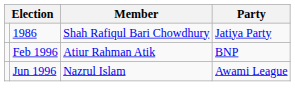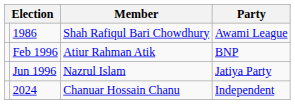 <table class="wikitable">
 <tr>
 <th colspan="2">Election</th>
 <th>Member</th>
 <th>Party</th>
 </tr>
 <tr>
 <td style="background-color:"></td>
 <td><a href='#'>1986</a></td>
 <td><a href='#'>Shah Rafiqul Bari Chowdhury</a></td>
-<td><a href='#'>Jatiya Party</a></td>
+<td><a href='#'>Awami League</a></td>
 </tr>
 <tr>
 <td style="background-color:"></td>
 <td><a href='#'>Feb 1996</a></td>
 <td><a href='#'>Atiur Rahman Atik</a></td>
 <td><a href='#'>BNP</a></td>
 </tr>
 <tr>
 <td style="background-color:"></td>
 <td><a href='#'>Jun 1996</a></td>
 <td><a href='#'>Nazrul Islam</a></td>
-<td><a href='#'>Awami League</a></td>
+<td><a href='#'>Jatiya Party</a></td>
+</tr>
+<tr>
+<td style="background-color:"></td>
+<td><a href='#'>2024</a></td>
+<td><a href='#'>Chanuar Hossain Chanu</a></td>
+<td><a href='#'>Independent</a></td>
 </tr>
 </table>
